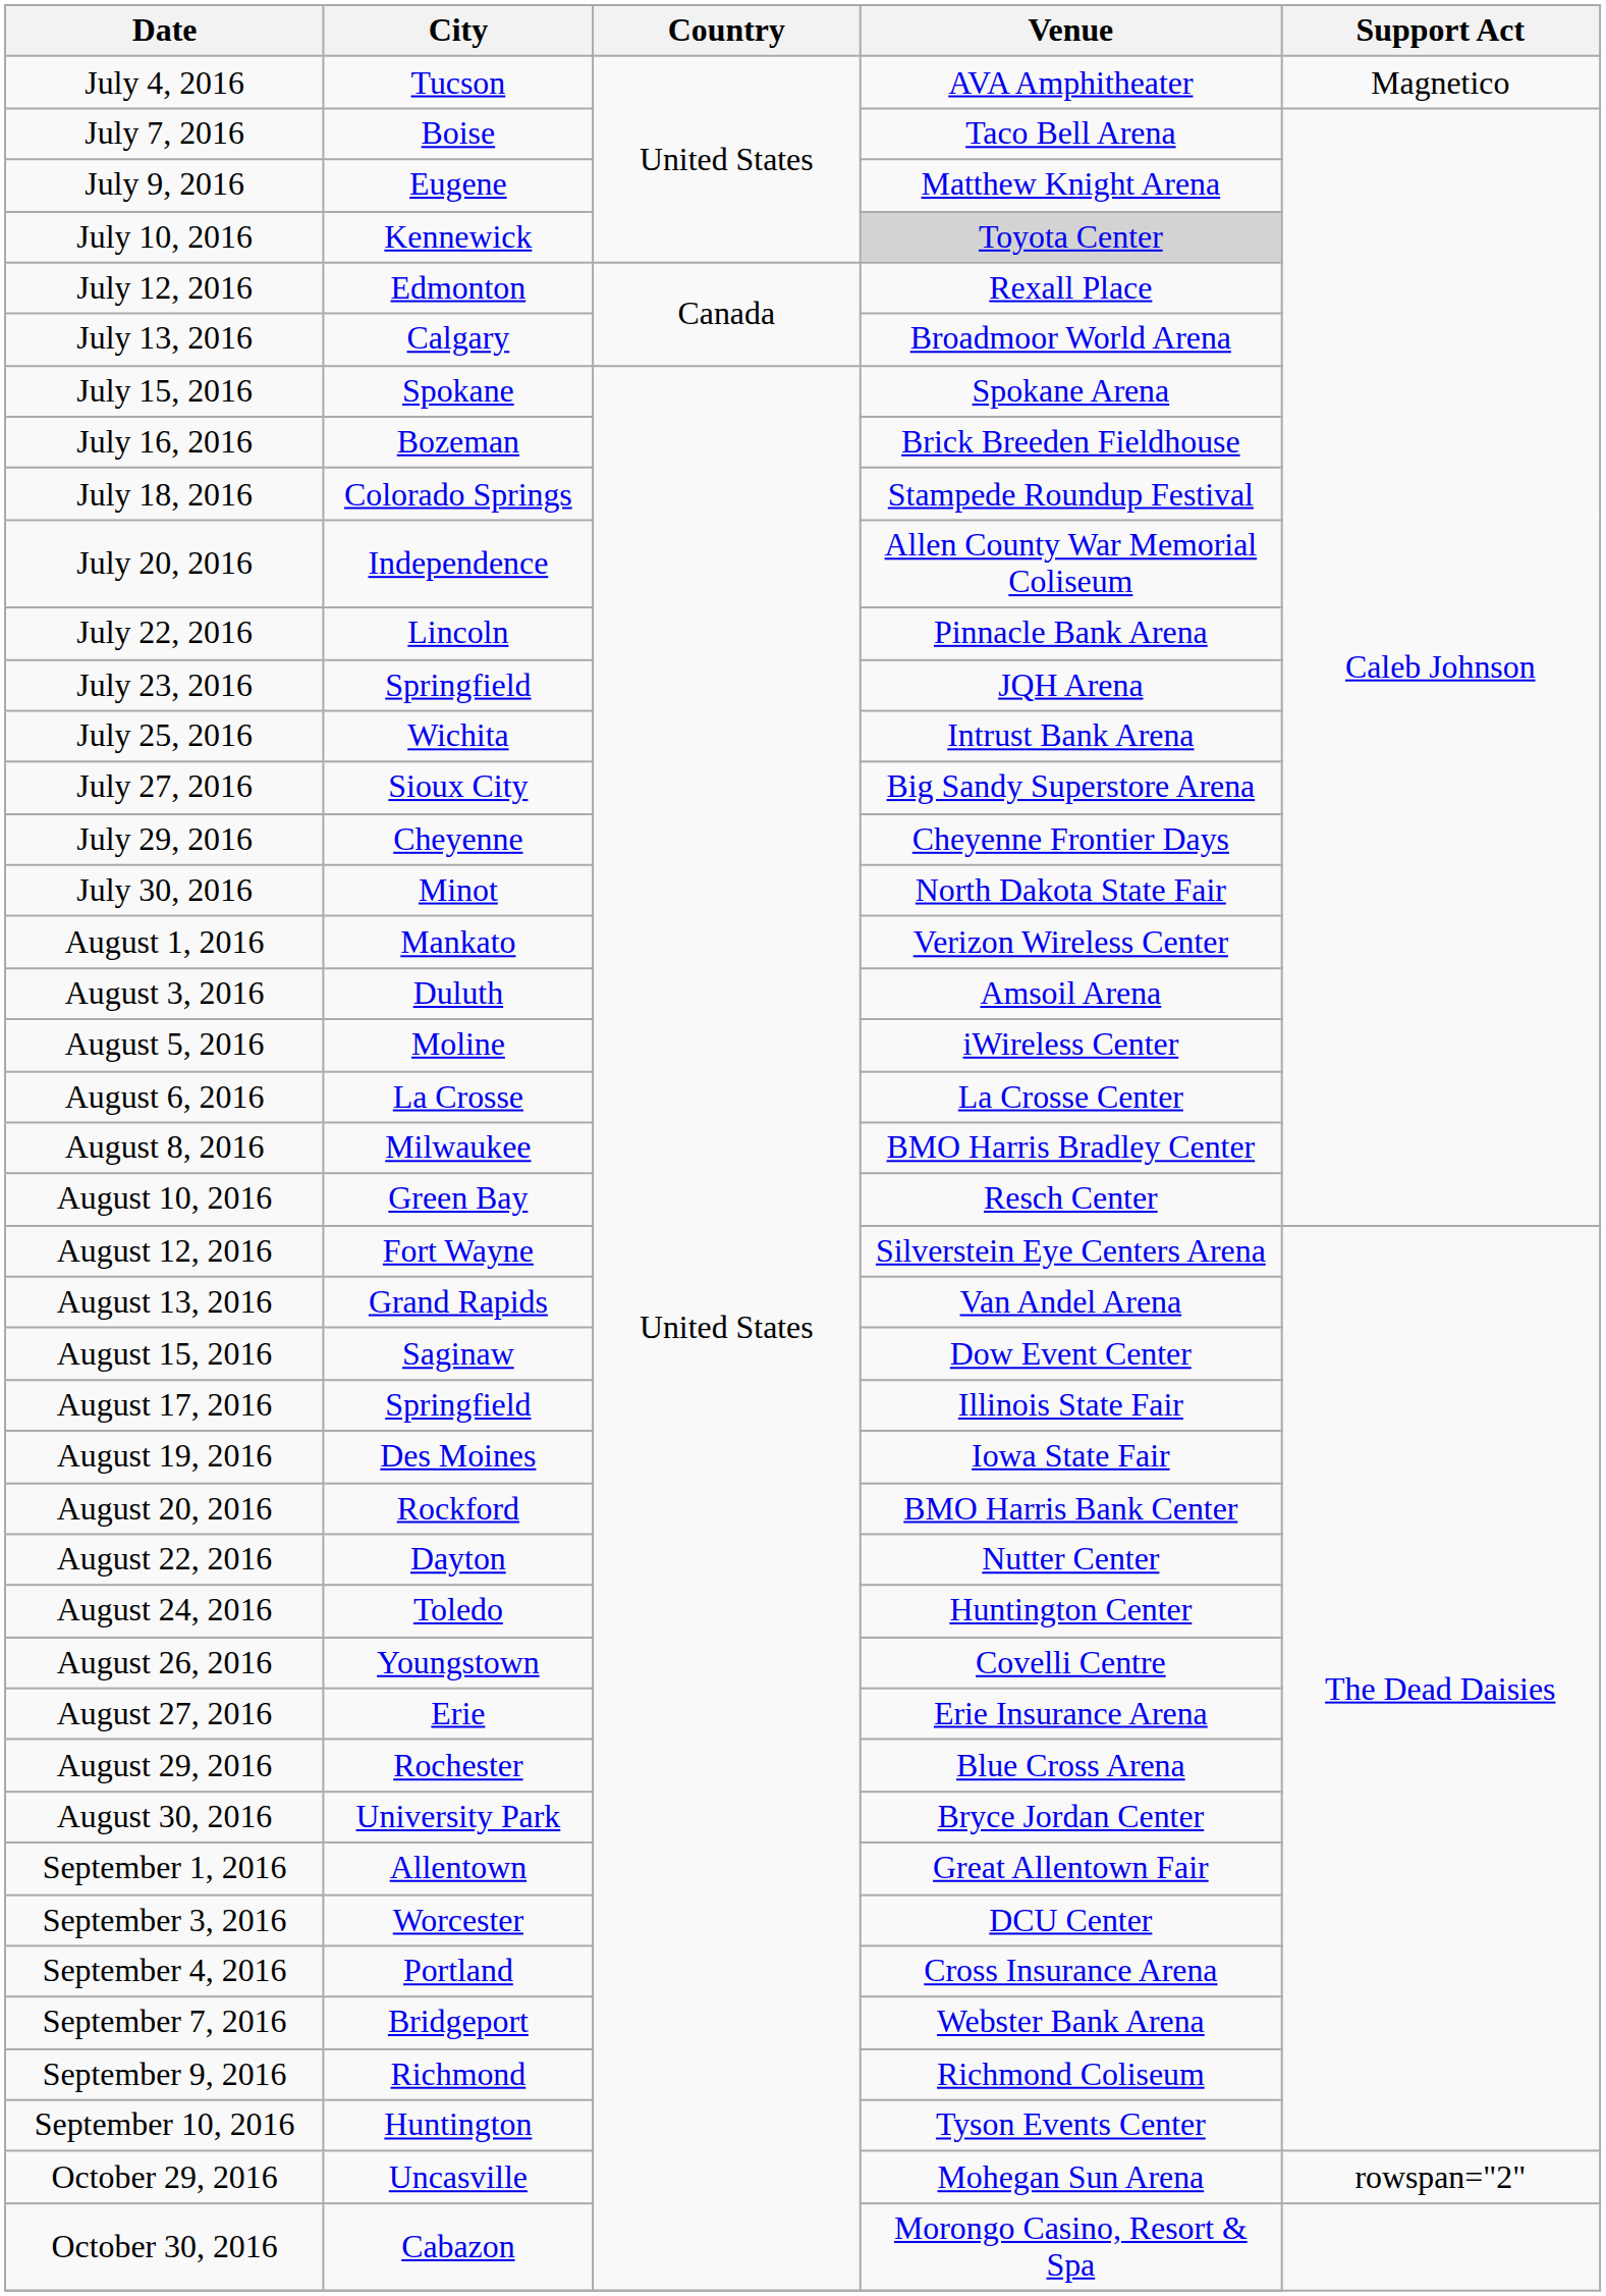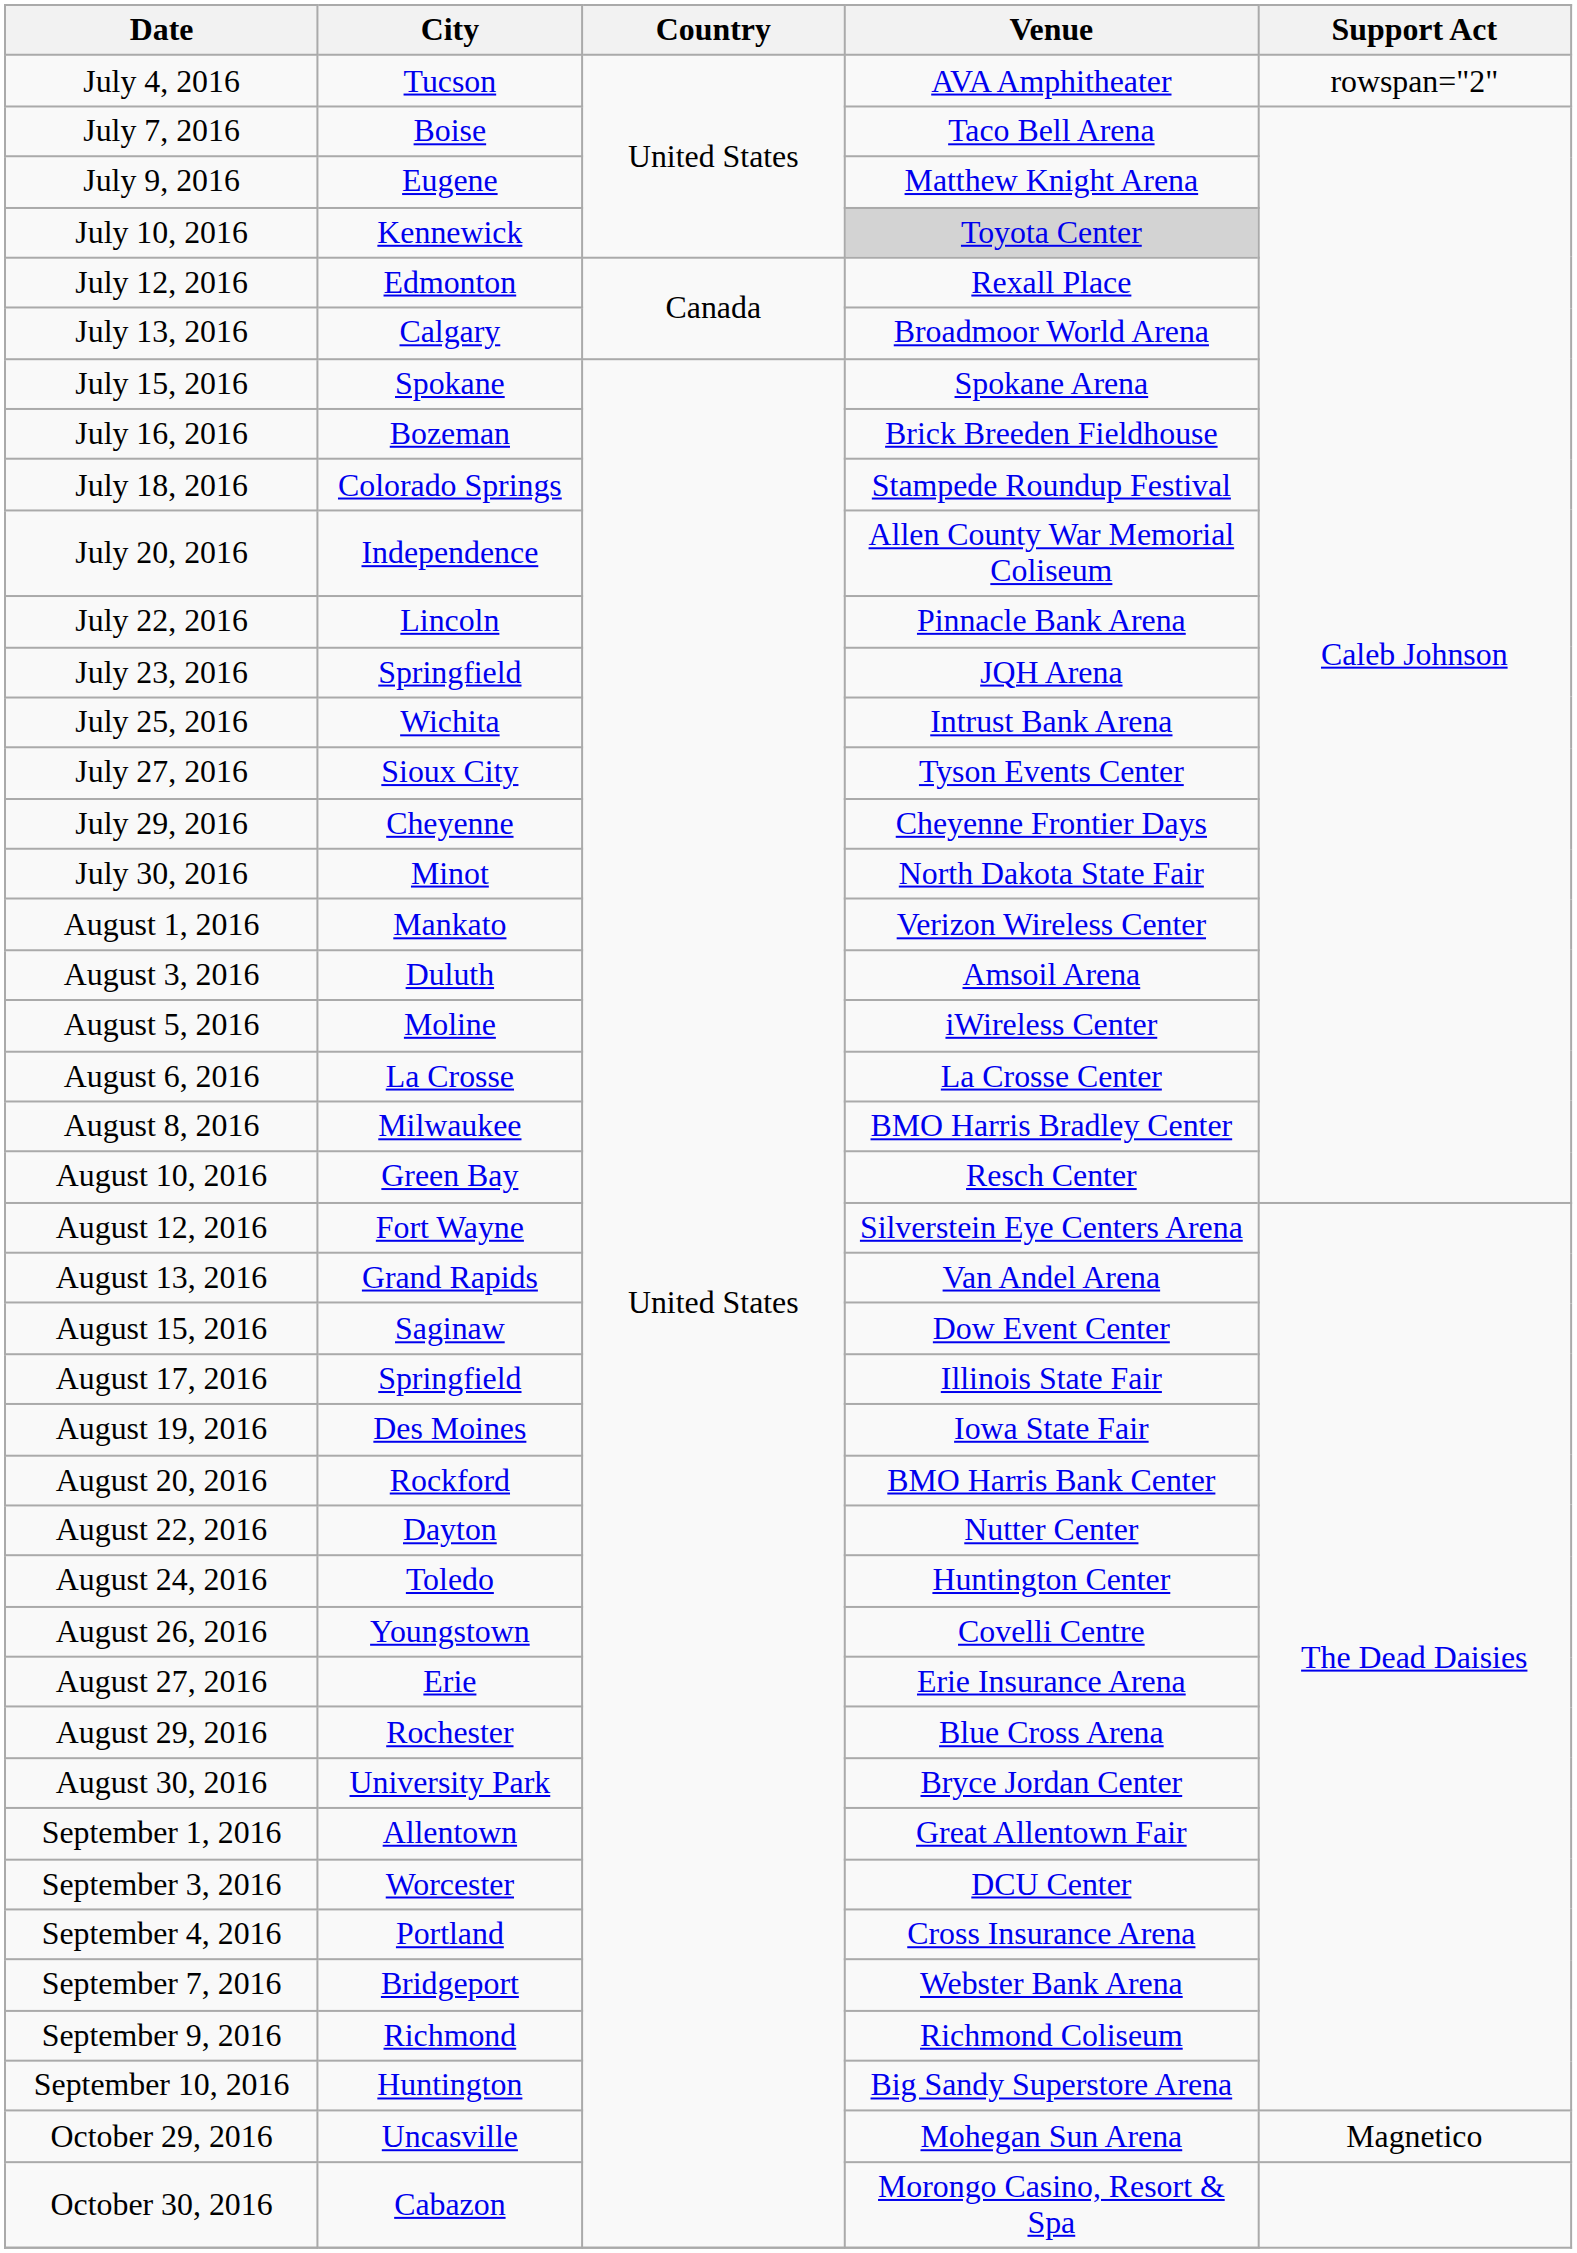 <table class="wikitable plainrowheaders" style="text-align:center;">
 <tr>
 <th width="150">Date</th>
 <th width="125">City</th>
 <th width="125">Country</th>
 <th width="200">Venue</th>
 <th width="150">Support Act</th>
 </tr>
 <tr>
 <td>July 4, 2016</td>
 <td><a href='#'>Tucson</a></td>
 <td rowspan="4">United States</td>
 <td><a href='#'>AVA Amphitheater</a></td>
-<td>Magnetico</td>
+<td>rowspan="2" </td>
 </tr>
 <tr>
 <td>July 7, 2016</td>
 <td><a href='#'>Boise</a></td>
 <td><a href='#'>Taco Bell Arena</a></td>
 <td rowspan="21"><a href='#'>Caleb Johnson</a></td>
 </tr>
 <tr>
 <td>July 9, 2016</td>
 <td><a href='#'>Eugene</a></td>
 <td><a href='#'>Matthew Knight Arena</a></td>
 </tr>
 <tr>
 <td>July 10, 2016</td>
 <td><a href='#'>Kennewick</a></td>
 <td style="background: lightgrey;"><a href='#'>Toyota Center</a></td>
 </tr>
 <tr>
 <td>July 12, 2016</td>
 <td><a href='#'>Edmonton</a></td>
 <td rowspan="2">Canada</td>
 <td><a href='#'>Rexall Place</a></td>
 </tr>
 <tr>
 <td>July 13, 2016</td>
 <td><a href='#'>Calgary</a></td>
 <td><a href='#'>Broadmoor World Arena</a></td>
 </tr>
 <tr>
 <td>July 15, 2016</td>
 <td><a href='#'>Spokane</a></td>
 <td rowspan="36">United States</td>
 <td><a href='#'>Spokane Arena</a></td>
 </tr>
 <tr>
 <td>July 16, 2016</td>
 <td><a href='#'>Bozeman</a></td>
 <td><a href='#'>Brick Breeden Fieldhouse</a></td>
 </tr>
 <tr>
 <td>July 18, 2016</td>
 <td><a href='#'>Colorado Springs</a></td>
 <td><a href='#'>Stampede Roundup Festival</a></td>
 </tr>
 <tr>
 <td>July 20, 2016</td>
 <td><a href='#'>Independence</a></td>
 <td><a href='#'>Allen County War Memorial Coliseum</a></td>
 </tr>
 <tr>
 <td>July 22, 2016</td>
 <td><a href='#'>Lincoln</a></td>
 <td><a href='#'>Pinnacle Bank Arena</a></td>
 </tr>
 <tr>
 <td>July 23, 2016</td>
 <td><a href='#'>Springfield</a></td>
 <td><a href='#'>JQH Arena</a></td>
 </tr>
 <tr>
 <td>July 25, 2016</td>
 <td><a href='#'>Wichita</a></td>
 <td><a href='#'>Intrust Bank Arena</a></td>
 </tr>
 <tr>
 <td>July 27, 2016</td>
 <td><a href='#'>Sioux City</a></td>
-<td><a href='#'>Big Sandy Superstore Arena</a></td>
+<td><a href='#'>Tyson Events Center</a></td>
 </tr>
 <tr>
 <td>July 29, 2016</td>
 <td><a href='#'>Cheyenne</a></td>
 <td><a href='#'>Cheyenne Frontier Days</a></td>
 </tr>
 <tr>
 <td>July 30, 2016</td>
 <td><a href='#'>Minot</a></td>
 <td><a href='#'>North Dakota State Fair</a></td>
 </tr>
 <tr>
 <td>August 1, 2016</td>
 <td><a href='#'>Mankato</a></td>
 <td><a href='#'>Verizon Wireless Center</a></td>
 </tr>
 <tr>
 <td>August 3, 2016</td>
 <td><a href='#'>Duluth</a></td>
 <td><a href='#'>Amsoil Arena</a></td>
 </tr>
 <tr>
 <td>August 5, 2016</td>
 <td><a href='#'>Moline</a></td>
 <td><a href='#'>iWireless Center</a></td>
 </tr>
 <tr>
 <td>August 6, 2016</td>
 <td><a href='#'>La Crosse</a></td>
 <td><a href='#'>La Crosse Center</a></td>
 </tr>
 <tr>
 <td>August 8, 2016</td>
 <td><a href='#'>Milwaukee</a></td>
 <td><a href='#'>BMO Harris Bradley Center</a></td>
 </tr>
 <tr>
 <td>August 10, 2016</td>
 <td><a href='#'>Green Bay</a></td>
 <td><a href='#'>Resch Center</a></td>
 </tr>
 <tr>
 <td>August 12, 2016</td>
 <td><a href='#'>Fort Wayne</a></td>
 <td><a href='#'>Silverstein Eye Centers Arena</a></td>
 <td rowspan="18"><a href='#'>The Dead Daisies</a></td>
 </tr>
 <tr>
 <td>August 13, 2016</td>
 <td><a href='#'>Grand Rapids</a></td>
 <td><a href='#'>Van Andel Arena</a></td>
 </tr>
 <tr>
 <td>August 15, 2016</td>
 <td><a href='#'>Saginaw</a></td>
 <td><a href='#'>Dow Event Center</a></td>
 </tr>
 <tr>
 <td>August 17, 2016</td>
 <td><a href='#'>Springfield</a></td>
 <td><a href='#'>Illinois State Fair</a></td>
 </tr>
 <tr>
 <td>August 19, 2016</td>
 <td><a href='#'>Des Moines</a></td>
 <td><a href='#'>Iowa State Fair</a></td>
 </tr>
 <tr>
 <td>August 20, 2016</td>
 <td><a href='#'>Rockford</a></td>
 <td><a href='#'>BMO Harris Bank Center</a></td>
 </tr>
 <tr>
 <td>August 22, 2016</td>
 <td><a href='#'>Dayton</a></td>
 <td><a href='#'>Nutter Center</a></td>
 </tr>
 <tr>
 <td>August 24, 2016</td>
 <td><a href='#'>Toledo</a></td>
 <td><a href='#'>Huntington Center</a></td>
 </tr>
 <tr>
 <td>August 26, 2016</td>
 <td><a href='#'>Youngstown</a></td>
 <td><a href='#'>Covelli Centre</a></td>
 </tr>
 <tr>
 <td>August 27, 2016</td>
 <td><a href='#'>Erie</a></td>
 <td><a href='#'>Erie Insurance Arena</a></td>
 </tr>
 <tr>
 <td>August 29, 2016</td>
 <td><a href='#'>Rochester</a></td>
 <td><a href='#'>Blue Cross Arena</a></td>
 </tr>
 <tr>
 <td>August 30, 2016</td>
 <td><a href='#'>University Park</a></td>
 <td><a href='#'>Bryce Jordan Center</a></td>
 </tr>
 <tr>
 <td>September 1, 2016</td>
 <td><a href='#'>Allentown</a></td>
 <td><a href='#'>Great Allentown Fair</a></td>
 </tr>
 <tr>
 <td>September 3, 2016</td>
 <td><a href='#'>Worcester</a></td>
 <td><a href='#'>DCU Center</a></td>
 </tr>
 <tr>
 <td>September 4, 2016</td>
 <td><a href='#'>Portland</a></td>
 <td><a href='#'>Cross Insurance Arena</a></td>
 </tr>
 <tr>
 <td>September 7, 2016</td>
 <td><a href='#'>Bridgeport</a></td>
 <td><a href='#'>Webster Bank Arena</a></td>
 </tr>
 <tr>
 <td>September 9, 2016</td>
 <td><a href='#'>Richmond</a></td>
 <td><a href='#'>Richmond Coliseum</a></td>
 </tr>
 <tr>
 <td>September 10, 2016</td>
 <td><a href='#'>Huntington</a></td>
-<td><a href='#'>Tyson Events Center</a></td>
+<td><a href='#'>Big Sandy Superstore Arena</a></td>
 </tr>
 <tr>
 <td>October 29, 2016</td>
 <td><a href='#'>Uncasville</a></td>
 <td><a href='#'>Mohegan Sun Arena</a></td>
-<td>rowspan="2" </td>
+<td>Magnetico</td>
 </tr>
 <tr>
 <td>October 30, 2016</td>
 <td><a href='#'>Cabazon</a></td>
 <td><a href='#'>Morongo Casino, Resort & Spa</a></td>
 </tr>
 <tr>
 </tr>
 </table>
